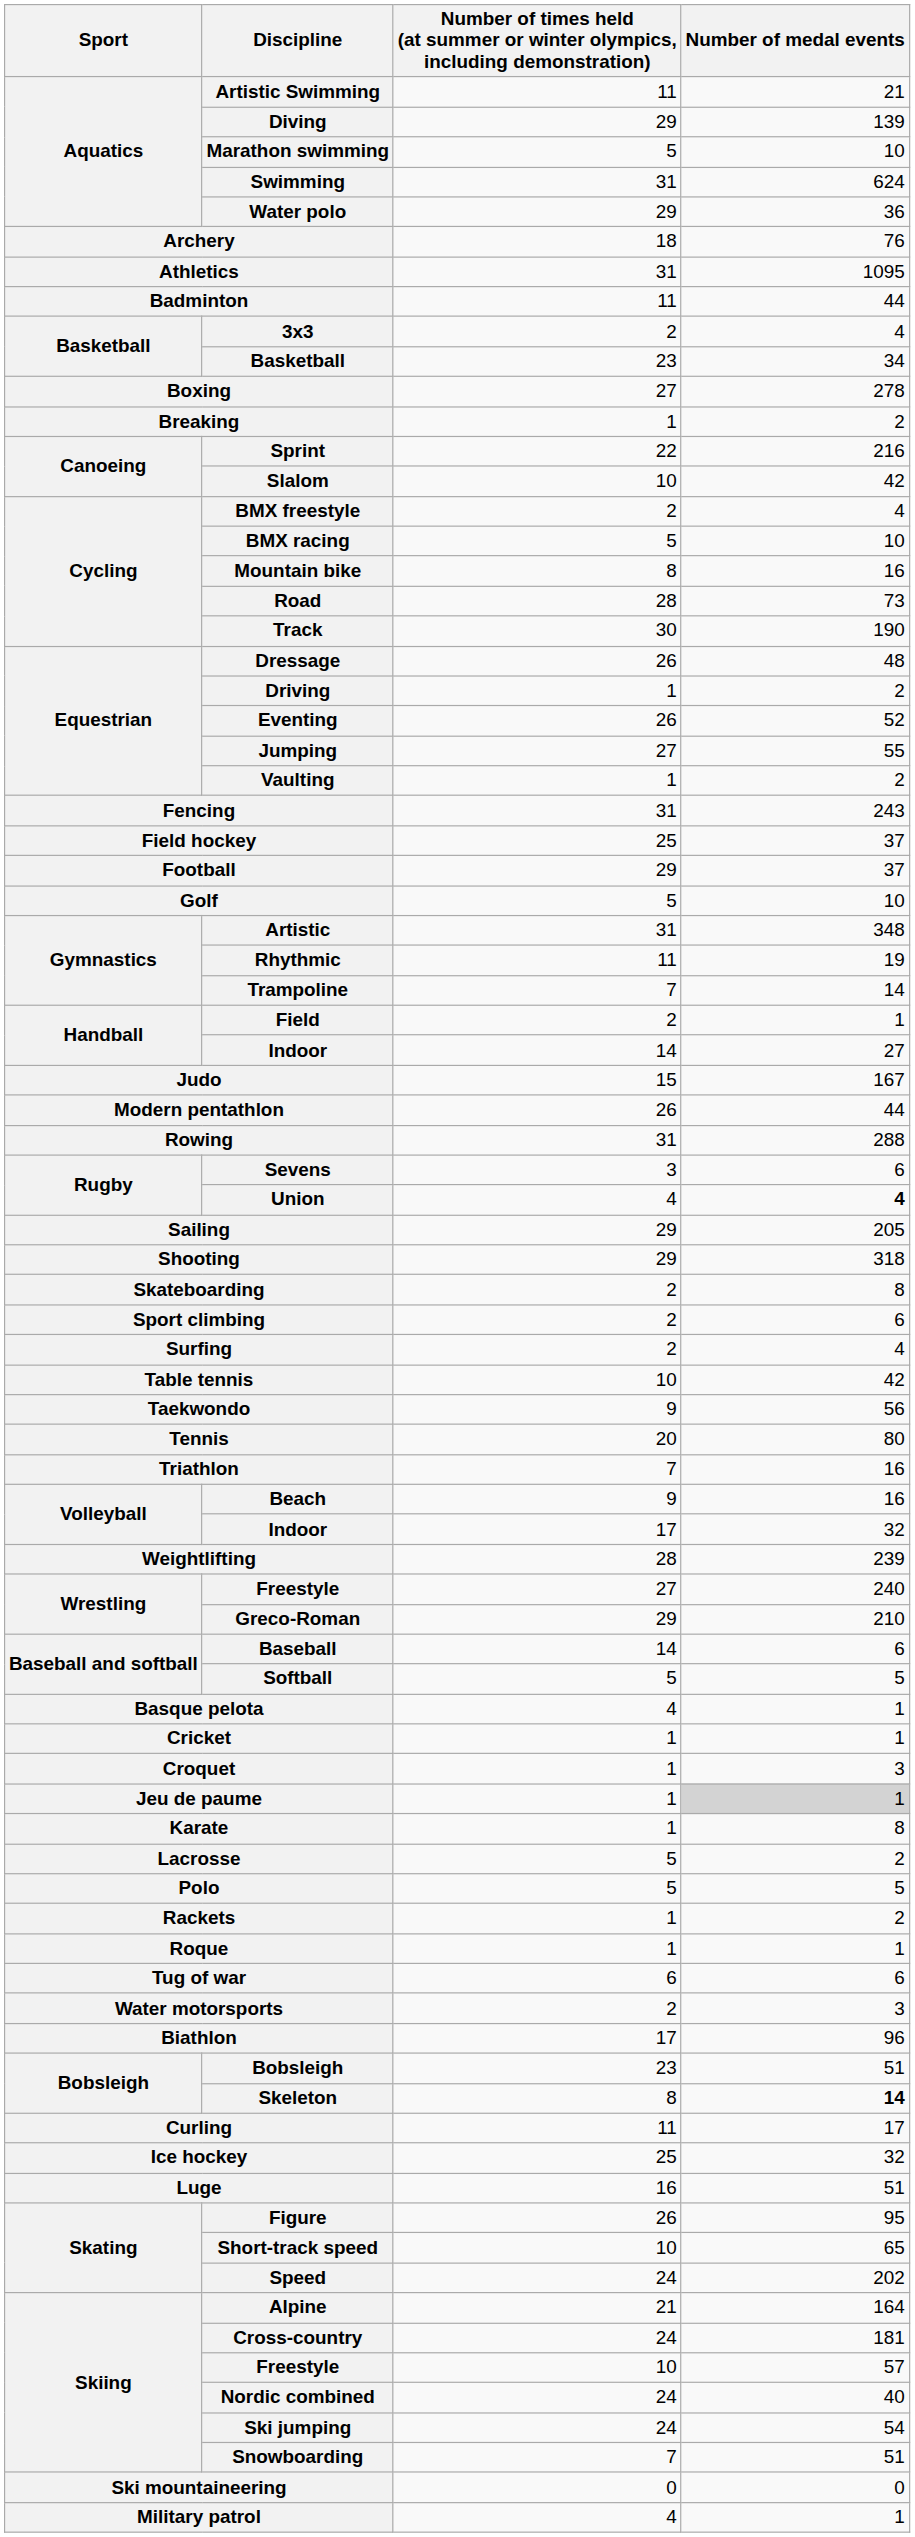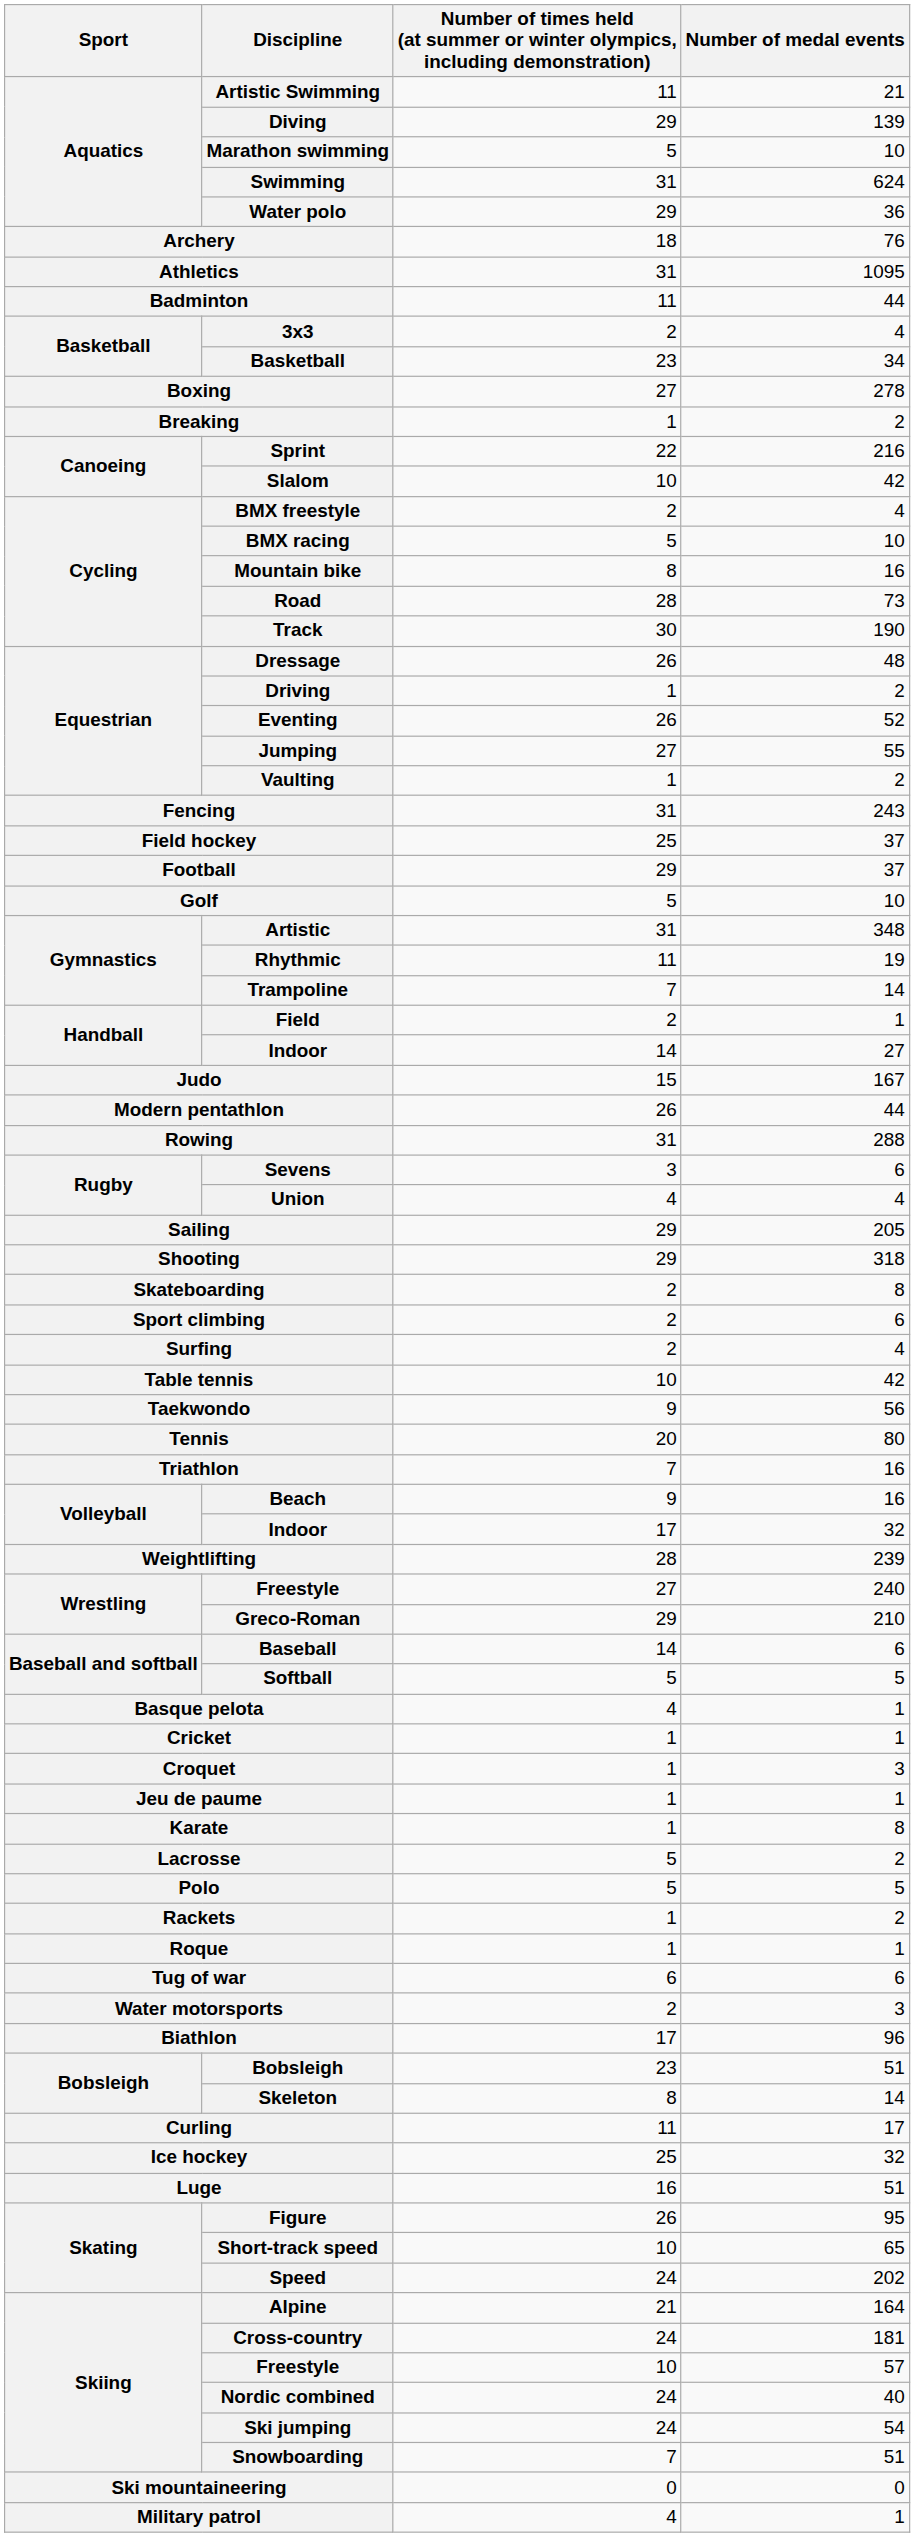 <table class="wikitable sortable plainrowheaders sticky-table-row1 sort-under-center" style="text-align: right;">
 <tr>
 <th scope="col">Sport</th>
 <th scope="col">Discipline</th>
 <th scope="col">Number of times held<br>(at summer or winter olympics,<br>including demonstration)</th>
 <th scope="col">Number of medal events</th>
 </tr>
 <tr>
 <th scope="rowgroup" rowspan="5">Aquatics</th>
 <th scope="row">Artistic Swimming</th>
 <td>11</td>
 <td>21</td>
 </tr>
 <tr>
 <th scope="row">Diving</th>
 <td>29</td>
 <td>139</td>
 </tr>
 <tr>
 <th scope="row">Marathon swimming</th>
 <td>5</td>
 <td>10</td>
 </tr>
 <tr>
 <th scope="row">Swimming</th>
 <td>31</td>
 <td>624</td>
 </tr>
 <tr>
 <th scope="row">Water polo</th>
 <td>29</td>
 <td>36</td>
 </tr>
 <tr>
 <th scope="row" colspan="2">Archery</th>
 <td>18</td>
 <td>76</td>
 </tr>
 <tr>
 <th scope="row" colspan="2">Athletics</th>
 <td>31</td>
 <td>1095</td>
 </tr>
 <tr>
 <th scope="row" colspan="2">Badminton</th>
 <td>11</td>
 <td>44</td>
 </tr>
 <tr>
 <th scope="rowgroup" rowspan="2">Basketball</th>
 <th scope="row">3x3</th>
 <td>2</td>
 <td>4</td>
 </tr>
 <tr>
 <th scope="row">Basketball</th>
 <td>23</td>
 <td>34</td>
 </tr>
 <tr>
 <th scope="row" colspan="2">Boxing</th>
 <td>27</td>
 <td>278</td>
 </tr>
 <tr>
 <th scope="row" colspan="2">Breaking</th>
 <td>1</td>
 <td>2</td>
 </tr>
 <tr>
 <th scope="rowgroup" rowspan="2">Canoeing</th>
 <th scope="row">Sprint</th>
 <td>22</td>
 <td>216</td>
 </tr>
 <tr>
 <th scope="row">Slalom</th>
 <td>10</td>
 <td>42</td>
 </tr>
 <tr>
 <th scope="rowgroup" rowspan="5">Cycling</th>
 <th scope="row">BMX freestyle</th>
 <td>2</td>
 <td>4</td>
 </tr>
 <tr>
 <th scope="row">BMX racing</th>
 <td>5</td>
 <td>10</td>
 </tr>
 <tr>
 <th scope="row">Mountain bike</th>
 <td>8</td>
 <td>16</td>
 </tr>
 <tr>
 <th scope="row">Road</th>
 <td>28</td>
 <td>73</td>
 </tr>
 <tr>
 <th scope="row">Track</th>
 <td>30</td>
 <td>190</td>
 </tr>
 <tr>
 <th scope="rowgroup" rowspan="5">Equestrian</th>
 <th scope="row">Dressage</th>
 <td>26</td>
 <td>48</td>
 </tr>
 <tr>
 <th scope="row">Driving</th>
 <td>1</td>
 <td>2</td>
 </tr>
 <tr>
 <th scope="row">Eventing</th>
 <td>26</td>
 <td>52</td>
 </tr>
 <tr>
 <th scope="row">Jumping</th>
 <td>27</td>
 <td>55</td>
 </tr>
 <tr>
 <th scope="row">Vaulting</th>
 <td>1</td>
 <td>2</td>
 </tr>
 <tr>
 <th scope="row" colspan="2">Fencing</th>
 <td>31</td>
 <td>243</td>
 </tr>
 <tr>
 <th scope="row" colspan="2">Field hockey</th>
 <td>25</td>
 <td>37</td>
 </tr>
 <tr>
 <th scope="row" colspan="2">Football</th>
 <td>29</td>
 <td>37</td>
 </tr>
 <tr>
 <th scope="row" colspan="2">Golf</th>
 <td>5</td>
 <td>10</td>
 </tr>
 <tr>
 <th scope="rowgroup" rowspan="3">Gymnastics</th>
 <th scope="row">Artistic</th>
 <td>31</td>
 <td>348</td>
 </tr>
 <tr>
 <th scope="row">Rhythmic</th>
 <td>11</td>
 <td>19</td>
 </tr>
 <tr>
 <th scope="row">Trampoline</th>
 <td>7</td>
 <td>14</td>
 </tr>
 <tr>
 <th scope="rowgroup" rowspan="2">Handball</th>
 <th scope="row">Field</th>
 <td>2</td>
 <td>1</td>
 </tr>
 <tr>
 <th scope="row">Indoor</th>
 <td>14</td>
 <td>27</td>
 </tr>
 <tr>
 <th scope="row" colspan="2">Judo</th>
 <td>15</td>
 <td>167</td>
 </tr>
 <tr>
 <th scope="row" colspan="2">Modern pentathlon</th>
 <td>26</td>
 <td>44</td>
 </tr>
 <tr>
 <th scope="row" colspan="2">Rowing</th>
 <td>31</td>
 <td>288</td>
 </tr>
 <tr>
 <th scope="rowgroup" rowspan="2">Rugby</th>
 <th scope="row">Sevens</th>
 <td>3</td>
 <td>6</td>
 </tr>
 <tr>
 <th scope="row">Union</th>
 <td>4</td>
-<td><strong>4</strong></td>
+<td>4</td>
 </tr>
 <tr>
 <th scope="row" colspan="2">Sailing</th>
 <td>29</td>
 <td>205</td>
 </tr>
 <tr>
 <th scope="row" colspan="2">Shooting</th>
 <td>29</td>
 <td>318</td>
 </tr>
 <tr>
 <th scope="row" colspan="2">Skateboarding</th>
 <td>2</td>
 <td>8</td>
 </tr>
 <tr>
 <th scope="row" colspan="2">Sport climbing</th>
 <td>2</td>
 <td>6</td>
 </tr>
 <tr>
 <th scope="row" colspan="2">Surfing</th>
 <td>2</td>
 <td>4</td>
 </tr>
 <tr>
 <th scope="row" colspan="2">Table tennis</th>
 <td>10</td>
 <td>42</td>
 </tr>
 <tr>
 <th scope="row" colspan="2">Taekwondo</th>
 <td>9</td>
 <td>56</td>
 </tr>
 <tr>
 <th scope="row" colspan="2">Tennis</th>
 <td>20</td>
 <td>80</td>
 </tr>
 <tr>
 <th scope="row" colspan="2">Triathlon</th>
 <td>7</td>
 <td>16</td>
 </tr>
 <tr>
 <th scope="rowgroup" rowspan="2">Volleyball</th>
 <th scope="row">Beach</th>
 <td>9</td>
 <td>16</td>
 </tr>
 <tr>
 <th scope="row">Indoor</th>
 <td>17</td>
 <td>32</td>
 </tr>
 <tr>
 <th scope="row" colspan="2">Weightlifting</th>
 <td>28</td>
 <td>239</td>
 </tr>
 <tr>
 <th scope="rowgroup" rowspan="2">Wrestling</th>
 <th scope="row">Freestyle</th>
 <td>27</td>
 <td>240</td>
 </tr>
 <tr>
 <th scope="row">Greco-Roman</th>
 <td>29</td>
 <td>210</td>
 </tr>
 <tr>
 <th scope="rowgroup" rowspan="2">Baseball and softball</th>
 <th scope="row">Baseball</th>
 <td>14</td>
 <td>6</td>
 </tr>
 <tr>
 <th scope="row">Softball</th>
 <td>5</td>
 <td>5</td>
 </tr>
 <tr>
 <th scope="row" colspan="2">Basque pelota</th>
 <td>4</td>
 <td>1</td>
 </tr>
 <tr>
 <th scope="row" colspan="2">Cricket</th>
 <td>1</td>
 <td>1</td>
 </tr>
 <tr>
 <th scope="row" colspan="2">Croquet</th>
 <td>1</td>
 <td>3</td>
 </tr>
 <tr>
 <th scope="row" colspan="2">Jeu de paume</th>
 <td>1</td>
-<td style="background: lightgrey;">1</td>
+<td>1</td>
 </tr>
 <tr>
 <th scope="row" colspan="2">Karate</th>
 <td>1</td>
 <td>8</td>
 </tr>
 <tr>
 <th scope="row" colspan="2">Lacrosse</th>
 <td>5</td>
 <td>2</td>
 </tr>
 <tr>
 <th scope="row" colspan="2">Polo</th>
 <td>5</td>
 <td>5</td>
 </tr>
 <tr>
 <th scope="row" colspan="2">Rackets</th>
 <td>1</td>
 <td>2</td>
 </tr>
 <tr>
 <th scope="row" colspan="2">Roque</th>
 <td>1</td>
 <td>1</td>
 </tr>
 <tr>
 <th scope="row" colspan="2">Tug of war</th>
 <td>6</td>
 <td>6</td>
 </tr>
 <tr>
 <th scope="row" colspan="2">Water motorsports</th>
 <td>2</td>
 <td>3</td>
 </tr>
 <tr>
 <th scope="row" colspan="2">Biathlon</th>
 <td>17</td>
 <td>96</td>
 </tr>
 <tr>
 <th scope="rowgroup" rowspan="2">Bobsleigh</th>
 <th scope="row">Bobsleigh</th>
 <td>23</td>
 <td>51</td>
 </tr>
 <tr>
 <th scope="row">Skeleton</th>
 <td>8</td>
-<td><strong>14</strong></td>
+<td>14</td>
 </tr>
 <tr>
 <th scope="row" colspan="2">Curling</th>
 <td>11</td>
 <td>17</td>
 </tr>
 <tr>
 <th scope="row" colspan="2">Ice hockey</th>
 <td>25</td>
 <td>32</td>
 </tr>
 <tr>
 <th scope="row" colspan="2">Luge</th>
 <td>16</td>
 <td>51</td>
 </tr>
 <tr>
 <th scope="rowgroup" rowspan="3">Skating</th>
 <th scope="row">Figure</th>
 <td>26</td>
 <td>95</td>
 </tr>
 <tr>
 <th scope="row">Short-track speed</th>
 <td>10</td>
 <td>65</td>
 </tr>
 <tr>
 <th scope="row">Speed</th>
 <td>24</td>
 <td>202</td>
 </tr>
 <tr>
 <th scope="rowgroup" rowspan="6">Skiing</th>
 <th scope="row">Alpine</th>
 <td>21</td>
 <td>164</td>
 </tr>
 <tr>
 <th scope="row">Cross-country</th>
 <td>24</td>
 <td>181</td>
 </tr>
 <tr>
 <th scope="row">Freestyle</th>
 <td>10</td>
 <td>57</td>
 </tr>
 <tr>
 <th scope="row">Nordic combined</th>
 <td>24</td>
 <td>40</td>
 </tr>
 <tr>
 <th scope="row">Ski jumping</th>
 <td>24</td>
 <td>54</td>
 </tr>
 <tr>
 <th scope="row">Snowboarding</th>
 <td>7</td>
 <td>51</td>
 </tr>
 <tr>
 <th scope="row" colspan="2">Ski mountaineering</th>
 <td>0</td>
 <td>0</td>
 </tr>
 <tr>
 <th scope="row" colspan="2">Military patrol</th>
 <td>4</td>
 <td>1</td>
 </tr>
 </table>
